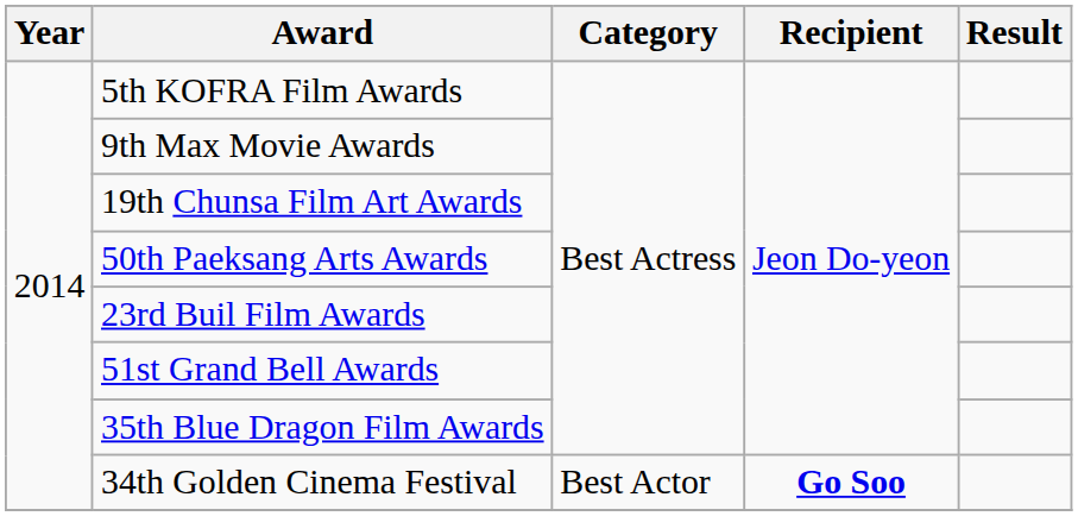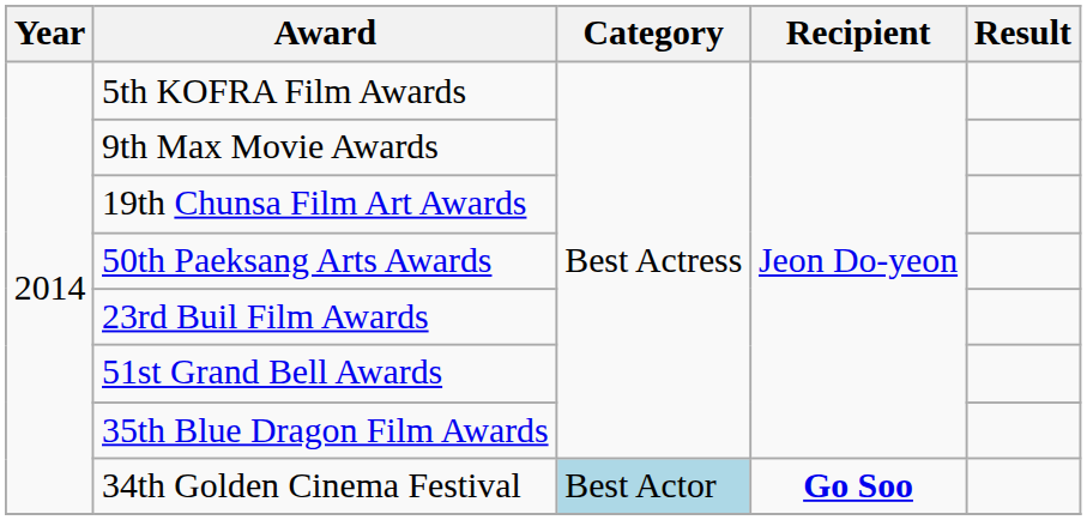 <table class="wikitable">
 <tr>
 <th>Year</th>
 <th>Award</th>
 <th>Category</th>
 <th>Recipient</th>
 <th>Result</th>
 </tr>
 <tr>
 <td rowspan=8>2014</td>
 <td>5th KOFRA  Film Awards </td>
 <td rowspan=7>Best Actress</td>
 <td rowspan=7 style="text-align:center;"><a href='#'>Jeon Do-yeon</a></td>
 <td></td>
 </tr>
 <tr>
 <td>9th Max Movie Awards</td>
 <td></td>
 </tr>
 <tr>
 <td>19th <a href='#'>Chunsa Film Art Awards</a></td>
 <td></td>
 </tr>
 <tr>
 <td><a href='#'>50th Paeksang Arts Awards</a></td>
 <td></td>
 </tr>
 <tr>
 <td><a href='#'>23rd Buil Film Awards</a></td>
 <td></td>
 </tr>
 <tr>
 <td><a href='#'>51st Grand Bell Awards</a></td>
 <td></td>
 </tr>
 <tr>
 <td><a href='#'>35th Blue Dragon Film Awards</a></td>
 <td></td>
 </tr>
 <tr>
 <td>34th Golden Cinema Festival</td>
-<td>Best Actor</td>
+<td style="background: lightblue;">Best Actor</td>
 <td style="text-align:center;"><strong><a href='#'>Go Soo</a></strong></td>
 <td></td>
 </tr>
 <tr>
 </tr>
 </table>
